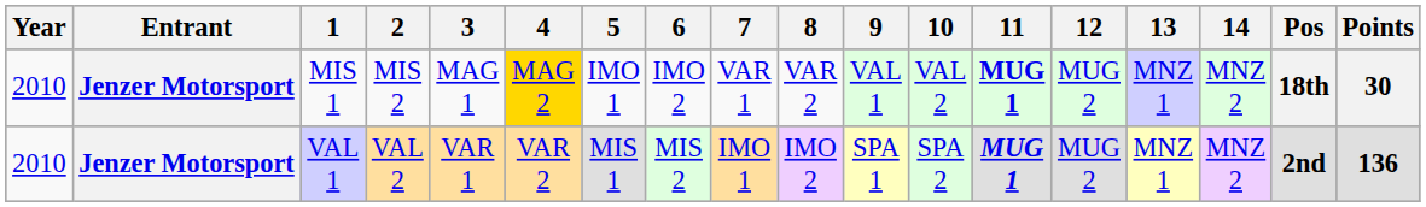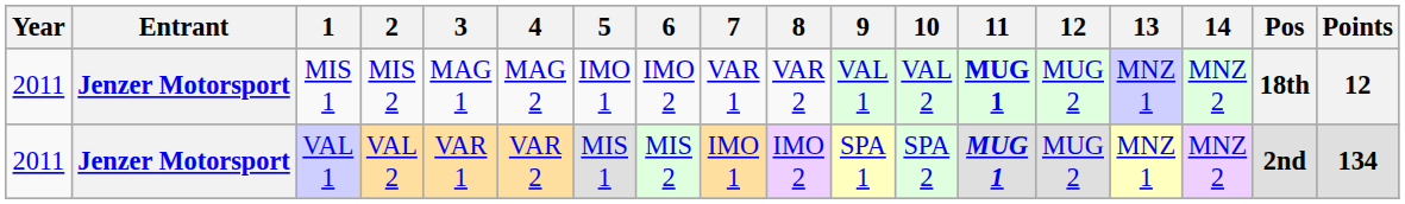 <table class="wikitable" style="text-align:center; font-size:85%">
 <tr>
 <th>Year</th>
 <th>Entrant</th>
 <th>1</th>
 <th>2</th>
 <th>3</th>
 <th>4</th>
 <th>5</th>
 <th>6</th>
 <th>7</th>
 <th>8</th>
 <th>9</th>
 <th>10</th>
 <th>11</th>
 <th>12</th>
 <th>13</th>
 <th>14</th>
 <th>Pos</th>
 <th>Points</th>
 </tr>
 <tr>
-<td><a href='#'>2010</a></td>
+<td><a href='#'>2011</a></td>
 <th nowrap><a href='#'>Jenzer Motorsport</a></th>
 <td><a href='#'>MIS<br>1</a></td>
 <td><a href='#'>MIS<br>2</a></td>
 <td><a href='#'>MAG<br>1</a></td>
-<td style="background: gold;"><a href='#'>MAG<br>2</a></td>
+<td><a href='#'>MAG<br>2</a></td>
 <td><a href='#'>IMO<br>1</a></td>
 <td><a href='#'>IMO<br>2</a></td>
 <td><a href='#'>VAR<br>1</a></td>
 <td><a href='#'>VAR<br>2</a></td>
 <td style="background:#dfffdf;"><a href='#'>VAL<br>1</a><br></td>
 <td style="background:#dfffdf;"><a href='#'>VAL<br>2</a><br></td>
 <td style="background:#dfffdf;"><strong><a href='#'>MUG<br>1</a><br></strong></td>
 <td style="background:#dfffdf;"><a href='#'>MUG<br>2</a><br></td>
 <td style="background:#cfcfff;"><a href='#'>MNZ<br>1</a><br></td>
 <td style="background:#dfffdf;"><a href='#'>MNZ<br>2</a><br></td>
 <th>18th</th>
-<th>30</th>
+<th>12</th>
 </tr>
 <tr>
-<td><a href='#'>2010</a></td>
+<td><a href='#'>2011</a></td>
 <th nowrap><a href='#'>Jenzer Motorsport</a></th>
 <td style="background:#cfcfff;"><a href='#'>VAL<br>1</a><br></td>
 <td style="background:#ffdf9f;"><a href='#'>VAL<br>2</a><br></td>
 <td style="background:#ffdf9f;"><a href='#'>VAR<br>1</a><br></td>
 <td style="background:#ffdf9f;"><a href='#'>VAR<br>2</a><br></td>
 <td style="background:#dfdfdf;"><a href='#'>MIS<br>1</a><br></td>
 <td style="background:#dfffdf;"><a href='#'>MIS<br>2</a><br></td>
 <td style="background:#ffdf9f;"><a href='#'>IMO<br>1</a><br></td>
 <td style="background:#efcfff;"><a href='#'>IMO<br>2</a><br></td>
 <td style="background:#ffffbf;"><a href='#'>SPA<br>1</a><br></td>
 <td style="background:#dfffdf;"><a href='#'>SPA<br>2</a><br></td>
 <td style="background:#dfdfdf;"><strong><em><a href='#'>MUG<br>1</a></em></strong><br></td>
 <td style="background:#dfdfdf;"><a href='#'>MUG<br>2</a><br></td>
 <td style="background:#ffffbf;"><a href='#'>MNZ<br>1</a><br></td>
 <td style="background:#efcfff;"><a href='#'>MNZ<br>2</a><br></td>
 <th style="background:#dfdfdf;">2nd</th>
-<th style="background:#dfdfdf;">136</th>
+<th style="background:#dfdfdf;">134</th>
 </tr>
 </table>
